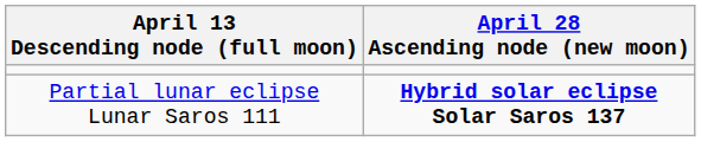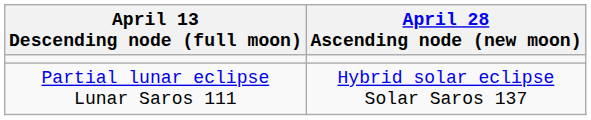 <table class="wikitable">
 <tr>
 <th>April 13<br>Descending node (full moon)</th>
 <th><a href='#'>April 28</a><br>Ascending node (new moon)</th>
 </tr>
 <tr>
 <td></td>
 <td></td>
 </tr>
 <tr align=center>
 <td><a href='#'>Partial lunar eclipse</a><br>Lunar Saros 111</td>
-<td><strong><a href='#'>Hybrid solar eclipse</a><br>Solar Saros 137</strong></td>
+<td><a href='#'>Hybrid solar eclipse</a><br>Solar Saros 137</td>
 </tr>
 </table>
